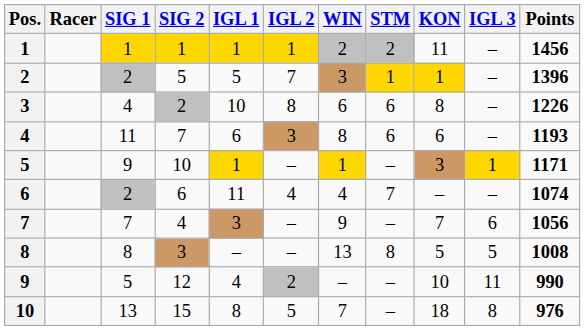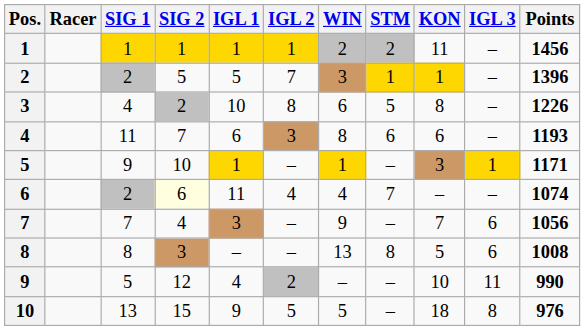 <table class="wikitable sortable plainrowheaders" style="text-align:center;">
 <tr>
 <th scope="col">Pos.</th>
 <th scope="col">Racer</th>
 <th scope="col"><strong> <a href='#'>SIG 1</a></strong></th>
 <th scope="col"><strong> <a href='#'>SIG 2</a></strong></th>
 <th scope="col"><strong> <a href='#'>IGL 1</a></strong></th>
 <th scope="col"><strong> <a href='#'>IGL 2</a></strong></th>
 <th scope="col"><strong> <a href='#'>WIN</a></strong></th>
 <th scope="col"><strong> <a href='#'>STM</a></strong></th>
 <th scope="col"><strong> <a href='#'>KON</a></strong></th>
 <th scope="col"><strong> <a href='#'>IGL  3</a></strong></th>
 <th style="width:45px;">Points</th>
 </tr>
 <tr>
 <th style="text-align:center;">1</th>
 <td align="left"></td>
 <td style="background:gold;">1</td>
 <td style="background:gold;">1</td>
 <td style="background:gold;">1</td>
 <td style="background:gold;">1</td>
 <td style="background:silver;">2</td>
 <td style="background:silver;">2</td>
 <td>11</td>
 <td>–</td>
 <td><strong>1456</strong></td>
 </tr>
 <tr>
 <th style="text-align:center;">2</th>
 <td align="left"></td>
 <td style="background:silver;">2</td>
 <td>5</td>
 <td>5</td>
 <td>7</td>
 <td style="background:#c96;">3</td>
 <td style="background:gold;">1</td>
 <td style="background:gold;">1</td>
 <td>–</td>
 <td><strong>1396</strong></td>
 </tr>
 <tr>
 <th style="text-align:center;">3</th>
 <td align="left"></td>
 <td>4</td>
 <td style="background:silver;">2</td>
 <td>10</td>
 <td>8</td>
 <td>6</td>
-<td>6</td>
+<td>5</td>
 <td>8</td>
 <td>–</td>
 <td><strong>1226</strong></td>
 </tr>
 <tr>
 <th style="text-align:center;">4</th>
 <td align="left"></td>
 <td>11</td>
 <td>7</td>
 <td>6</td>
 <td style="background:#c96;">3</td>
 <td>8</td>
 <td>6</td>
 <td>6</td>
 <td>–</td>
 <td><strong>1193</strong></td>
 </tr>
 <tr>
 <th style="text-align:center;">5</th>
 <td align="left"></td>
 <td>9</td>
 <td>10</td>
 <td style="background:gold;">1</td>
 <td>–</td>
 <td style="background:gold;">1</td>
 <td>–</td>
 <td style="background:#c96;">3</td>
 <td style="background:gold;">1</td>
 <td><strong>1171</strong></td>
 </tr>
 <tr>
 <th style="text-align:center;">6</th>
 <td align="left"></td>
 <td style="background:silver;">2</td>
-<td>6</td>
+<td style="background: lightyellow;">6</td>
 <td>11</td>
 <td>4</td>
 <td>4</td>
 <td>7</td>
 <td>–</td>
 <td>–</td>
 <td><strong>1074</strong></td>
 </tr>
 <tr>
 <th style="text-align:center;">7</th>
 <td align="left"></td>
 <td>7</td>
 <td>4</td>
 <td style="background:#c96;">3</td>
 <td>–</td>
 <td>9</td>
 <td>–</td>
 <td>7</td>
 <td>6</td>
 <td><strong>1056</strong></td>
 </tr>
 <tr>
 <th style="text-align:center;">8</th>
 <td align="left"></td>
 <td>8</td>
 <td style="background:#c96;">3</td>
 <td>–</td>
 <td>–</td>
 <td>13</td>
 <td>8</td>
 <td>5</td>
-<td>5</td>
+<td>6</td>
 <td><strong>1008</strong></td>
 </tr>
 <tr>
 <th style="text-align:center;">9</th>
 <td align="left"></td>
 <td>5</td>
 <td>12</td>
 <td>4</td>
 <td style="background:silver;">2</td>
 <td>–</td>
 <td>–</td>
 <td>10</td>
 <td>11</td>
 <td><strong>990</strong></td>
 </tr>
 <tr>
 <th style="text-align:center;">10</th>
 <td align="left"></td>
 <td>13</td>
 <td>15</td>
-<td>8</td>
+<td>9</td>
 <td>5</td>
-<td>7</td>
+<td>5</td>
 <td>–</td>
 <td>18</td>
 <td>8</td>
 <td><strong>976</strong></td>
 </tr>
 </table>
